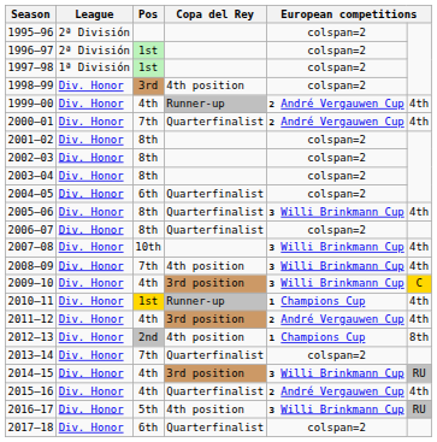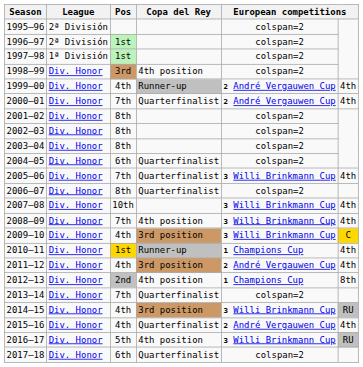 <table class=wikitable style="text-align:center; font-size:85%">
 <tr>
 <th>Season</th>
 <th>League</th>
 <th>Pos</th>
 <th>Copa del Rey</th>
 <th colspan=2>European competitions</th>
 </tr>
 <tr>
 <td>1995–96</td>
 <td align=left>2ª División</td>
 <td></td>
 <td></td>
 <td>colspan=2 </td>
 </tr>
 <tr>
 <td>1996–97</td>
 <td align=left>2ª División</td>
 <td bgcolor=#BBF3BB>1st</td>
 <td></td>
 <td>colspan=2 </td>
 </tr>
 <tr>
 <td>1997–98</td>
 <td align=left>1ª División</td>
 <td bgcolor=#BBF3BB>1st</td>
 <td></td>
 <td>colspan=2 </td>
 </tr>
 <tr>
 <td>1998–99</td>
 <td align=left><a href='#'>Div. Honor</a></td>
 <td bgcolor=#cc9966>3rd</td>
 <td align=left>4th position</td>
 <td>colspan=2 </td>
 </tr>
 <tr>
 <td>1999–00</td>
 <td align=left><a href='#'>Div. Honor</a></td>
 <td>4th</td>
 <td align=left bgcolor=silver>Runner-up</td>
 <td align=left><small><strong>2</strong></small> <a href='#'>André Vergauwen Cup</a></td>
 <td>4th</td>
 </tr>
 <tr>
 <td>2000–01</td>
 <td align=left><a href='#'>Div. Honor</a></td>
 <td>7th</td>
 <td align=left>Quarterfinalist</td>
 <td align=left><small><strong>2</strong></small> <a href='#'>André Vergauwen Cup</a></td>
 <td>4th</td>
 </tr>
 <tr>
 <td>2001–02</td>
 <td align=left><a href='#'>Div. Honor</a></td>
 <td>8th</td>
 <td></td>
 <td>colspan=2 </td>
 </tr>
 <tr>
 <td>2002–03</td>
 <td align=left><a href='#'>Div. Honor</a></td>
 <td>8th</td>
 <td></td>
 <td>colspan=2 </td>
 </tr>
 <tr>
 <td>2003–04</td>
 <td align=left><a href='#'>Div. Honor</a></td>
 <td>8th</td>
 <td></td>
 <td>colspan=2 </td>
 </tr>
 <tr>
 <td>2004–05</td>
 <td align=left><a href='#'>Div. Honor</a></td>
 <td>6th</td>
 <td align=left>Quarterfinalist</td>
 <td>colspan=2 </td>
 </tr>
 <tr>
 <td>2005–06</td>
 <td align=left><a href='#'>Div. Honor</a></td>
-<td>8th</td>
+<td>7th</td>
 <td align=left>Quarterfinalist</td>
 <td align=left><small><strong>3</strong></small> <a href='#'>Willi Brinkmann Cup</a></td>
 <td>4th</td>
 </tr>
 <tr>
 <td>2006–07</td>
 <td align=left><a href='#'>Div. Honor</a></td>
 <td>8th</td>
 <td align=left>Quarterfinalist</td>
 <td>colspan=2 </td>
 </tr>
 <tr>
 <td>2007–08</td>
 <td align=left><a href='#'>Div. Honor</a></td>
 <td>10th</td>
 <td></td>
 <td align=left><small><strong>3</strong></small> <a href='#'>Willi Brinkmann Cup</a></td>
 <td>4th</td>
 </tr>
 <tr>
 <td>2008–09</td>
 <td align=left><a href='#'>Div. Honor</a></td>
 <td>7th</td>
 <td align=left>4th position</td>
 <td align=left><small><strong>3</strong></small> <a href='#'>Willi Brinkmann Cup</a></td>
 <td>4th</td>
 </tr>
 <tr>
 <td>2009–10</td>
 <td align=left><a href='#'>Div. Honor</a></td>
 <td>4th</td>
 <td align=left bgcolor=#cc9966>3rd position</td>
 <td align=left><small><strong>3</strong></small> <a href='#'>Willi Brinkmann Cup</a></td>
 <td bgcolor=gold>C</td>
 </tr>
 <tr>
 <td>2010–11</td>
 <td align=left><a href='#'>Div. Honor</a></td>
 <td bgcolor=gold>1st</td>
 <td align=left bgcolor=silver>Runner-up</td>
 <td align=left><small><strong>1</strong></small> <a href='#'>Champions Cup</a></td>
 <td>4th</td>
 </tr>
 <tr>
 <td>2011–12</td>
 <td align=left><a href='#'>Div. Honor</a></td>
 <td>4th</td>
 <td align=left bgcolor=#cc9966>3rd position</td>
 <td align=left><small><strong>2</strong></small> <a href='#'>André Vergauwen Cup</a></td>
 <td>4th</td>
 </tr>
 <tr>
 <td>2012–13</td>
 <td align=left><a href='#'>Div. Honor</a></td>
 <td bgcolor=silver>2nd</td>
 <td align=left>4th position</td>
 <td align=left><small><strong>1</strong></small> <a href='#'>Champions Cup</a></td>
 <td>8th</td>
 </tr>
 <tr>
 <td>2013–14</td>
 <td align=left><a href='#'>Div. Honor</a></td>
 <td>7th</td>
 <td align=left>Quarterfinalist</td>
 <td>colspan=2 </td>
 </tr>
 <tr>
 <td>2014–15</td>
 <td align=left><a href='#'>Div. Honor</a></td>
 <td>4th</td>
 <td align=left bgcolor=#cc9966>3rd position</td>
 <td align=left><small><strong>3</strong></small> <a href='#'>Willi Brinkmann Cup</a></td>
 <td bgcolor=silver>RU</td>
 </tr>
 <tr>
 <td>2015–16</td>
 <td align=left><a href='#'>Div. Honor</a></td>
 <td>4th</td>
 <td align=left>Quarterfinalist</td>
 <td align=left><small><strong>2</strong></small> <a href='#'>André Vergauwen Cup</a></td>
 <td>4th</td>
 </tr>
 <tr>
 <td>2016–17</td>
 <td align=left><a href='#'>Div. Honor</a></td>
 <td>5th</td>
 <td align=left>4th position</td>
 <td align=left><small><strong>3</strong></small> <a href='#'>Willi Brinkmann Cup</a></td>
 <td bgcolor=silver>RU</td>
 </tr>
 <tr>
 <td>2017–18</td>
 <td align=left><a href='#'>Div. Honor</a></td>
 <td>6th</td>
 <td align=left>Quarterfinalist</td>
 <td>colspan=2 </td>
 </tr>
 </table>
